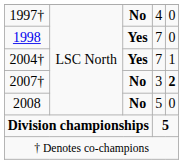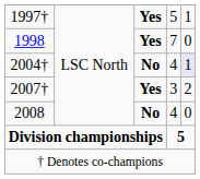 <table class="wikitable" style="text-align:center">
 <tr>
 </tr>
 <tr>
 <td>1997†</td>
 <td rowspan="5">LSC North</td>
-<td><strong>No</strong></td>
-<td>4</td>
-<td>0</td>
+<td><strong>Yes</strong></td>
+<td>5</td>
+<td>1</td>
 </tr>
 <tr>
 <td><a href='#'>1998</a></td>
 <td><strong>Yes</strong></td>
 <td>7</td>
 <td>0</td>
 </tr>
 <tr>
 <td>2004†</td>
-<td><strong>Yes</strong></td>
-<td>7</td>
-<td>1</td>
+<td><strong>No</strong></td>
+<td>4</td>
+<td style="background: lavender;">1</td>
 </tr>
 <tr>
 <td>2007†</td>
-<td><strong>No</strong></td>
+<td><strong>Yes</strong></td>
 <td>3</td>
-<td><strong>2</strong></td>
+<td>2</td>
 </tr>
 <tr>
 <td>2008</td>
 <td><strong>No</strong></td>
-<td>5</td>
+<td>4</td>
 <td>0</td>
 </tr>
 <tr>
 <td colspan="3"><strong>Division championships</strong></td>
 <td colspan="3"><strong>5</strong></td>
 </tr>
 <tr>
 <td colspan=6><small>† Denotes co-champions</small></td>
 </tr>
 </table>
